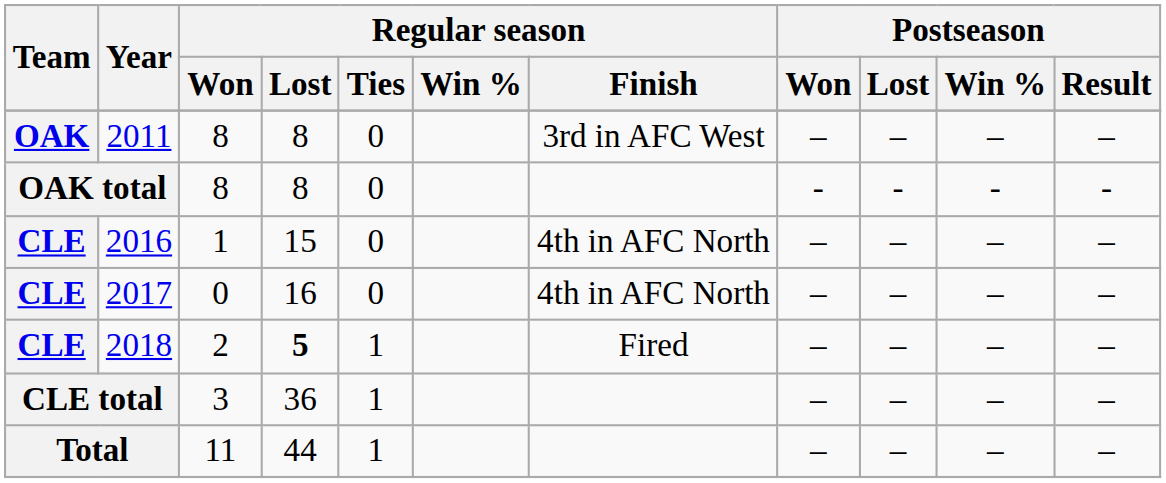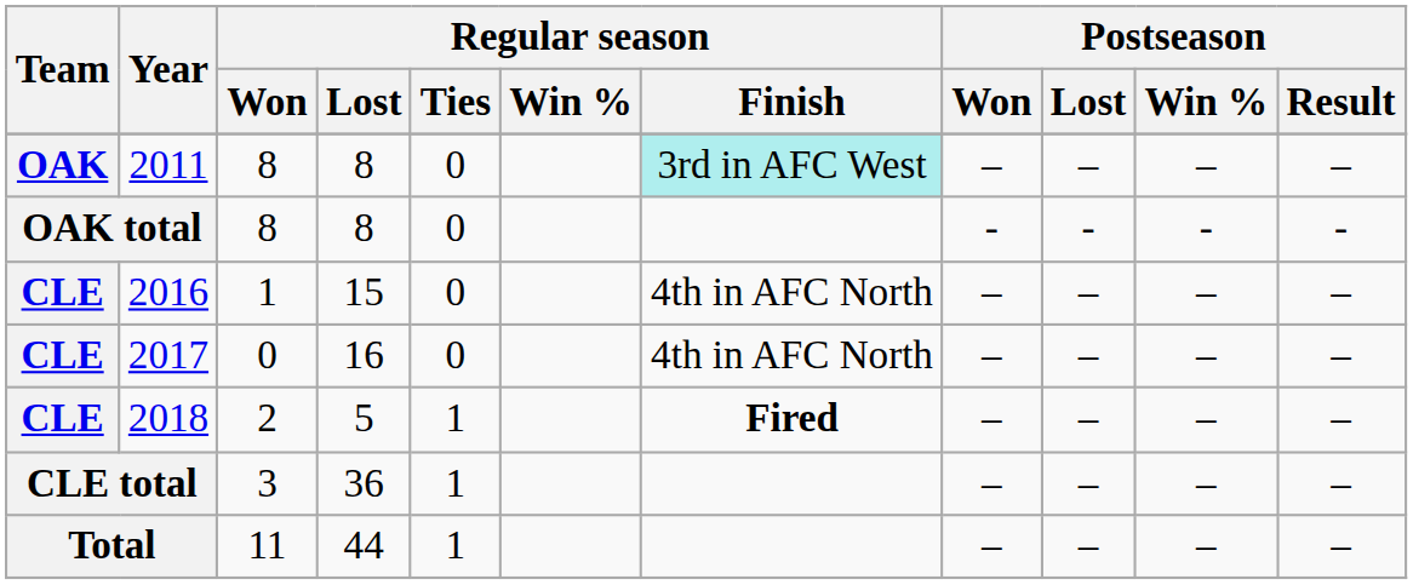 <table class="wikitable" style="text-align:center;">
 <tr>
 <th scope="col" rowspan="2">Team</th>
 <th scope="col" rowspan="2">Year</th>
 <th scope="colgroup" colspan="5">Regular season</th>
 <th scope="colgroup" colspan="14">Postseason</th>
 </tr>
 <tr>
 <th scope="col">Won</th>
 <th scope="col">Lost</th>
 <th scope="col">Ties</th>
 <th scope="col">Win %</th>
 <th scope="col">Finish</th>
 <th scope="col">Won</th>
 <th scope="col">Lost</th>
 <th scope="col">Win %</th>
 <th scope="col">Result</th>
 </tr>
 <tr>
 </tr>
 <tr>
 <th scope="row"><a href='#'>OAK</a></th>
 <td><a href='#'>2011</a></td>
 <td>8</td>
 <td>8</td>
 <td>0</td>
 <td></td>
-<td>3rd in AFC West</td>
+<td style="background: paleturquoise;">3rd in AFC West</td>
 <td>–</td>
 <td>–</td>
 <td>–</td>
 <td>–</td>
 </tr>
 <tr>
 <th scope="row" colspan="2">OAK total</th>
 <td>8</td>
 <td>8</td>
 <td>0</td>
 <td></td>
 <td></td>
 <td>-</td>
 <td>-</td>
 <td>-</td>
 <td>-</td>
 </tr>
 <tr>
 <th scope="row"><a href='#'>CLE</a></th>
 <td><a href='#'>2016</a></td>
 <td>1</td>
 <td>15</td>
 <td>0</td>
 <td></td>
 <td>4th in AFC North</td>
 <td>–</td>
 <td>–</td>
 <td>–</td>
 <td>–</td>
 </tr>
 <tr>
 <th scope="row"><a href='#'>CLE</a></th>
 <td><a href='#'>2017</a></td>
 <td>0</td>
 <td>16</td>
 <td>0</td>
 <td></td>
 <td>4th in AFC North</td>
 <td>–</td>
 <td>–</td>
 <td>–</td>
 <td>–</td>
 </tr>
 <tr>
 <th scope="row"><a href='#'>CLE</a></th>
 <td><a href='#'>2018</a></td>
 <td>2</td>
-<td><strong>5</strong></td>
+<td>5</td>
 <td>1</td>
 <td></td>
-<td>Fired</td>
+<td><strong>Fired</strong></td>
 <td>–</td>
 <td>–</td>
 <td>–</td>
 <td>–</td>
 </tr>
 <tr>
 <th scope="row" colspan="2">CLE total</th>
 <td>3</td>
 <td>36</td>
 <td>1</td>
 <td></td>
 <td></td>
 <td>–</td>
 <td>–</td>
 <td>–</td>
 <td>–</td>
 </tr>
 <tr>
 <th scope="row" colspan="2">Total</th>
 <td>11</td>
 <td>44</td>
 <td>1</td>
 <td></td>
 <td></td>
 <td>–</td>
 <td>–</td>
 <td>–</td>
 <td>–</td>
 </tr>
 <tr>
 </tr>
 </table>
